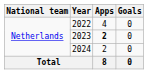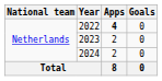 <table class="wikitable" style="text-align: center;">
 <tr>
 <th>National team</th>
 <th>Year</th>
 <th>Apps</th>
 <th>Goals</th>
 </tr>
 <tr>
 <td rowspan="3"><a href='#'>Netherlands</a></td>
 <td>2022</td>
-<td>4</td>
+<td><strong>4</strong></td>
 <td>0</td>
 </tr>
 <tr>
 <td>2023</td>
-<td><strong>2</strong></td>
+<td>2</td>
 <td>0</td>
 </tr>
 <tr>
 <td>2024</td>
 <td>2</td>
 <td>0</td>
 </tr>
 <tr>
 <th colspan="2">Total</th>
 <th>8</th>
 <th>0</th>
 </tr>
 </table>
